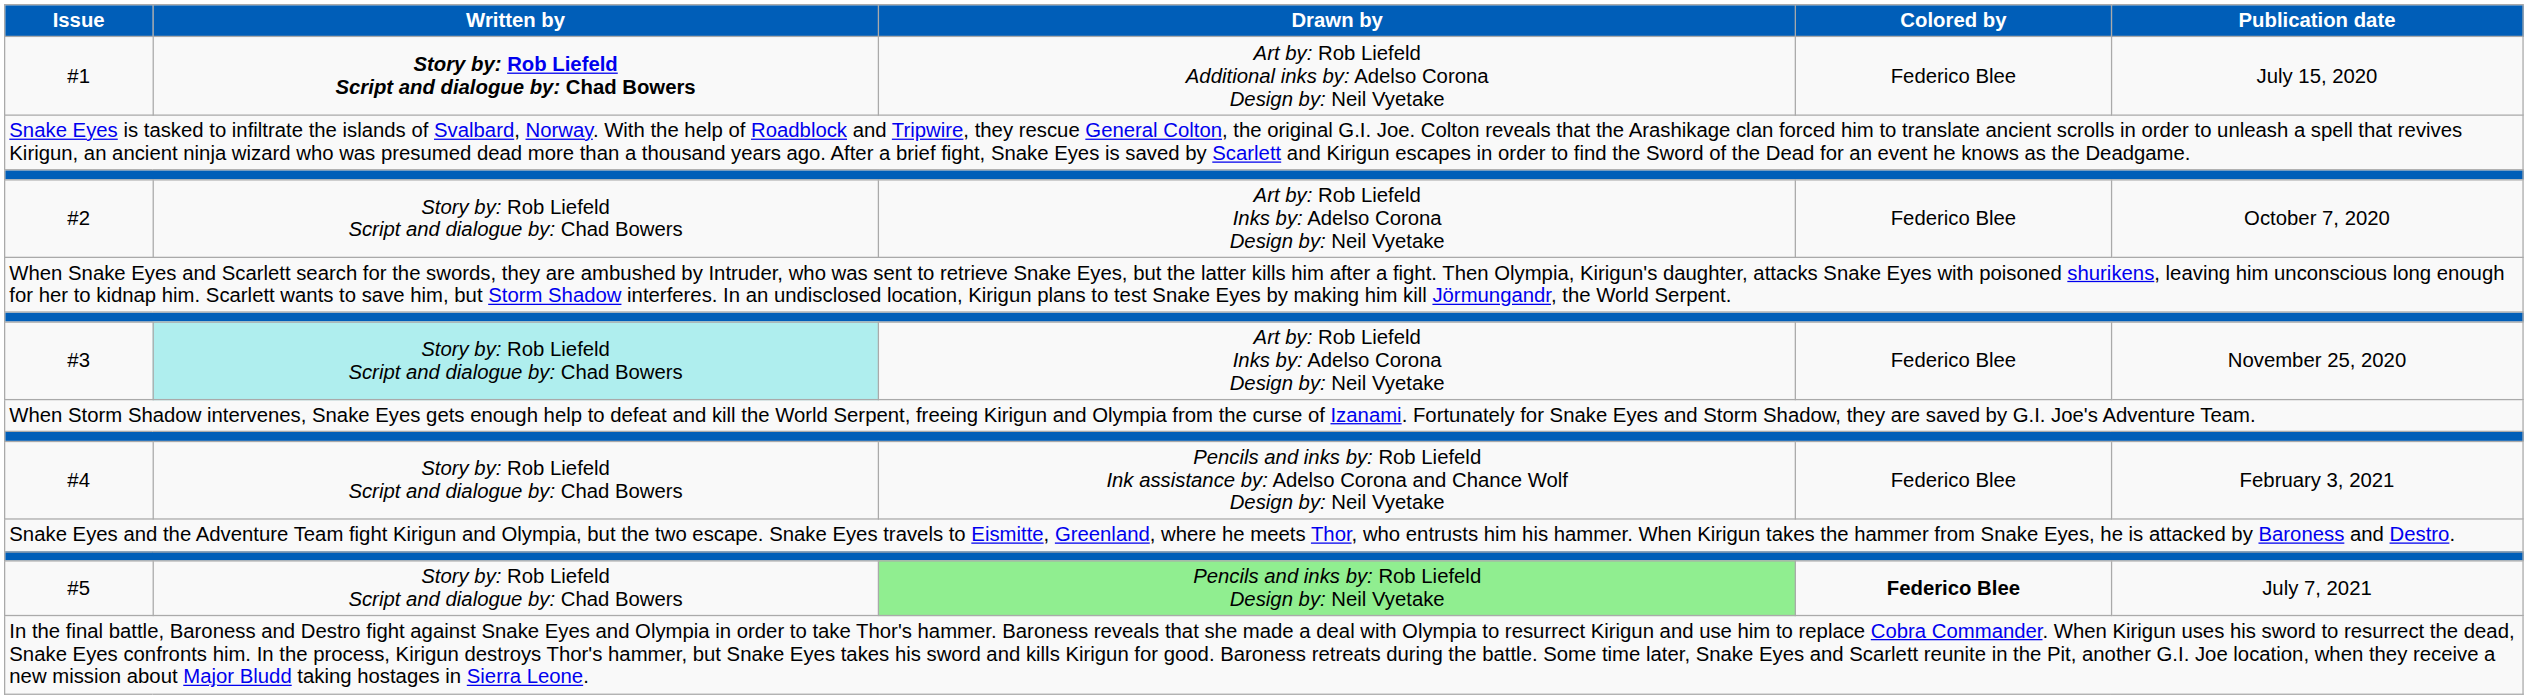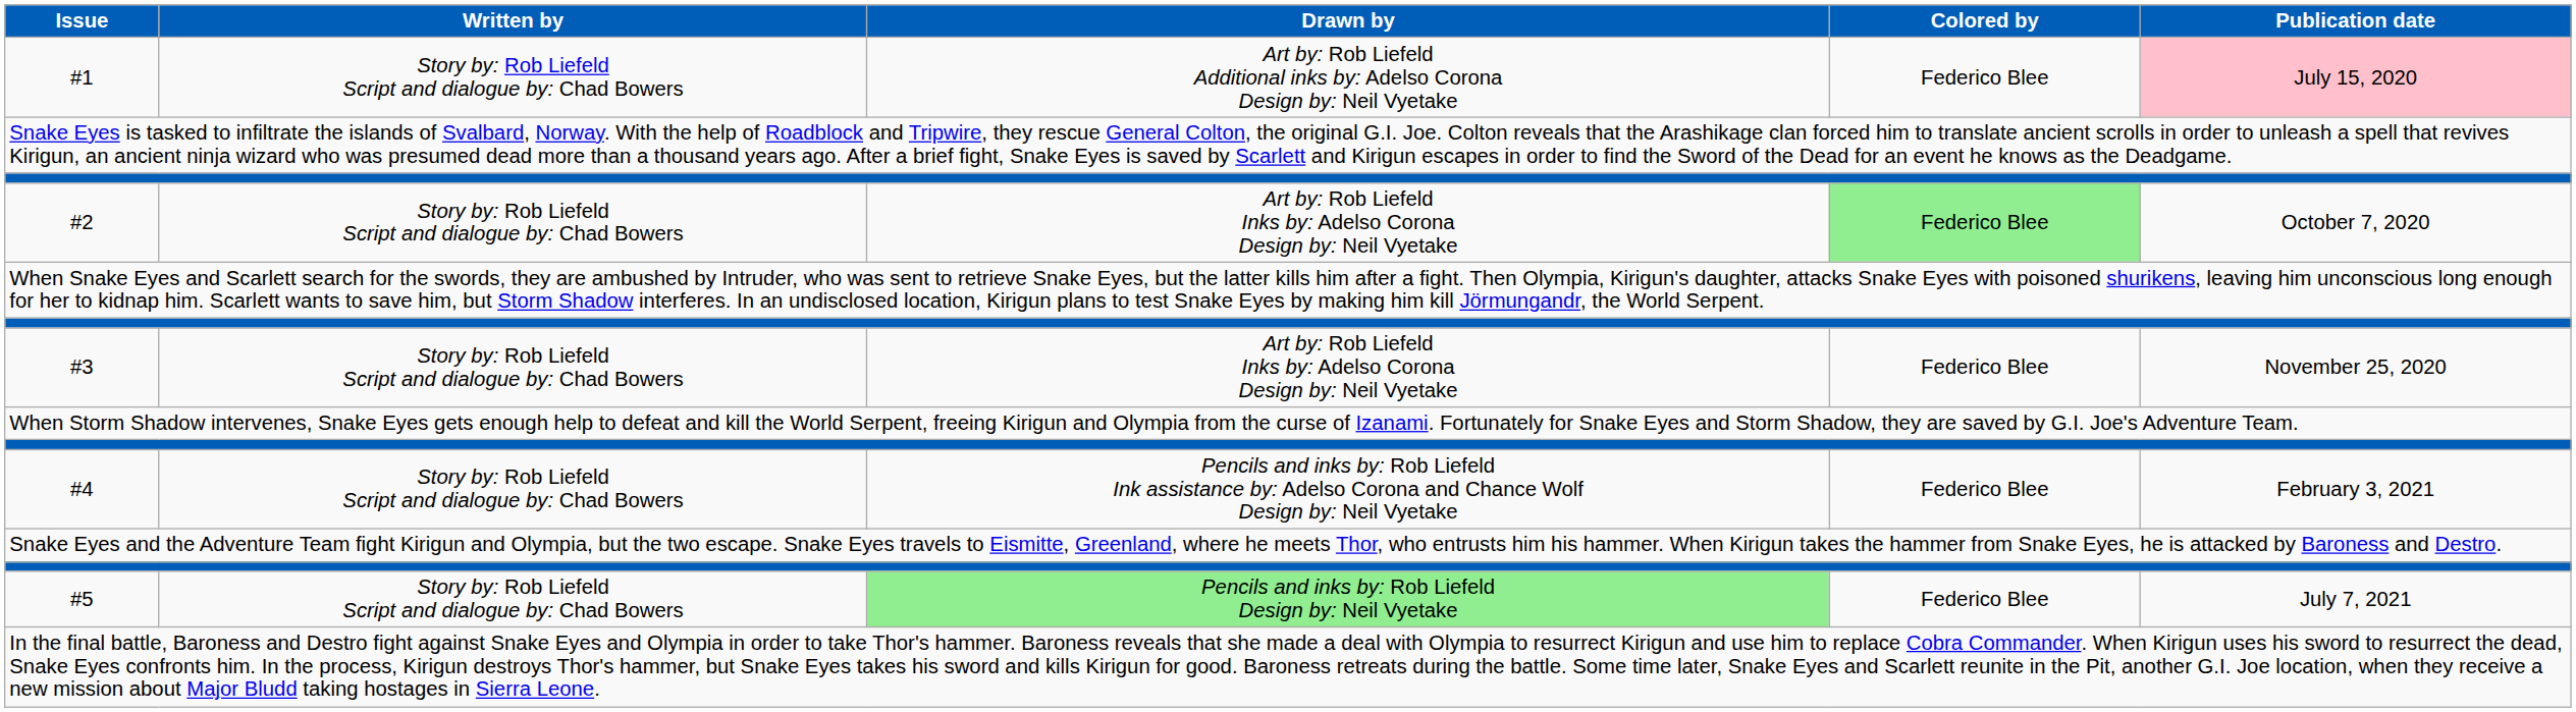 <table class="wikitable" style="text-align: center;" width="100%;">
 <tr>
 <th style="background:#005EB8; color:white">Issue</th>
 <th style="background:#005EB8; color:white">Written by</th>
 <th style="background:#005EB8; color:white">Drawn by</th>
 <th style="background:#005EB8; color:white">Colored by</th>
 <th style="background:#005EB8; color:white">Publication date</th>
 </tr>
 <tr>
 <td>#1</td>
-<td><strong><em>Story by:</em> <a href='#'>Rob Liefeld</a><br><em>Script and dialogue by:</em> Chad Bowers</strong></td>
+<td><em>Story by:</em> <a href='#'>Rob Liefeld</a><br><em>Script and dialogue by:</em> Chad Bowers</td>
 <td><em>Art by:</em> Rob Liefeld<br><em>Additional inks by:</em> Adelso Corona<br><em>Design by:</em> Neil Vyetake</td>
 <td>Federico Blee</td>
-<td>July 15, 2020</td>
+<td style="background: pink;">July 15, 2020</td>
 </tr>
 <tr>
 <td colspan="5" style="text-align: left;"><a href='#'>Snake Eyes</a> is tasked to infiltrate the islands of <a href='#'>Svalbard</a>, <a href='#'>Norway</a>. With the help of <a href='#'>Roadblock</a> and <a href='#'>Tripwire</a>, they rescue <a href='#'>General Colton</a>, the original G.I. Joe. Colton reveals that the Arashikage clan forced him to translate ancient scrolls in order to unleash a spell that revives Kirigun, an ancient ninja wizard who was presumed dead more than a thousand years ago. After a brief fight, Snake Eyes is saved by <a href='#'>Scarlett</a> and Kirigun escapes in order to find the Sword of the Dead for an event he knows as the Deadgame.</td>
 </tr>
 <tr>
 <th colspan="5" style="background:#005EB8"></th>
 </tr>
 <tr>
 <td>#2</td>
 <td><em>Story by:</em> Rob Liefeld<br><em>Script and dialogue by:</em> Chad Bowers</td>
 <td><em>Art by:</em> Rob Liefeld<br><em>Inks by:</em> Adelso Corona<br><em>Design by:</em> Neil Vyetake</td>
-<td>Federico Blee</td>
+<td style="background: lightgreen;">Federico Blee</td>
 <td>October 7, 2020</td>
 </tr>
 <tr>
 <td colspan="5" style="text-align: left;">When Snake Eyes and Scarlett search for the swords, they are ambushed by Intruder, who was sent to retrieve Snake Eyes, but the latter kills him after a fight. Then Olympia, Kirigun's daughter, attacks Snake Eyes with poisoned <a href='#'>shurikens</a>, leaving him unconscious long enough for her to kidnap him. Scarlett wants to save him, but <a href='#'>Storm Shadow</a> interferes. In an undisclosed location, Kirigun plans to test Snake Eyes by making him kill <a href='#'>Jörmungandr</a>, the World Serpent.</td>
 </tr>
 <tr>
 <th colspan="5" style="background:#005EB8"></th>
 </tr>
 <tr>
 <td>#3</td>
-<td style="background: paleturquoise;"><em>Story by:</em> Rob Liefeld<br><em>Script and dialogue by:</em> Chad Bowers</td>
+<td><em>Story by:</em> Rob Liefeld<br><em>Script and dialogue by:</em> Chad Bowers</td>
 <td><em>Art by:</em> Rob Liefeld<br><em>Inks by:</em> Adelso Corona<br><em>Design by:</em> Neil Vyetake</td>
 <td>Federico Blee</td>
 <td>November 25, 2020</td>
 </tr>
 <tr>
 <td colspan="5" style="text-align: left;">When Storm Shadow intervenes, Snake Eyes gets enough help to defeat and kill the World Serpent, freeing Kirigun and Olympia from the curse of <a href='#'>Izanami</a>. Fortunately for Snake Eyes and Storm Shadow, they are saved by G.I. Joe's Adventure Team.</td>
 </tr>
 <tr>
 <th colspan="5" style="background:#005EB8"></th>
 </tr>
 <tr>
 <td>#4</td>
 <td><em>Story by:</em> Rob Liefeld<br><em>Script and dialogue by:</em> Chad Bowers</td>
 <td><em>Pencils and inks by:</em> Rob Liefeld<br><em>Ink assistance by:</em> Adelso Corona and Chance Wolf<br><em>Design by:</em> Neil Vyetake</td>
 <td>Federico Blee</td>
 <td>February 3, 2021</td>
 </tr>
 <tr>
 <td colspan="5" style="text-align: left;">Snake Eyes and the Adventure Team fight Kirigun and Olympia, but the two escape. Snake Eyes travels to <a href='#'>Eismitte</a>, <a href='#'>Greenland</a>, where he meets <a href='#'>Thor</a>, who entrusts him his hammer. When Kirigun takes the hammer from Snake Eyes, he is attacked by <a href='#'>Baroness</a> and <a href='#'>Destro</a>.</td>
 </tr>
 <tr>
 <th colspan="5" style="background:#005EB8"></th>
 </tr>
 <tr>
 <td>#5</td>
 <td><em>Story by:</em> Rob Liefeld<br><em>Script and dialogue by:</em> Chad Bowers</td>
 <td style="background: lightgreen;"><em>Pencils and inks by:</em> Rob Liefeld<br><em>Design by:</em> Neil Vyetake</td>
-<td><strong>Federico Blee</strong></td>
+<td>Federico Blee</td>
 <td>July 7, 2021</td>
 </tr>
 <tr>
 <td colspan="5" style="text-align: left;">In the final battle, Baroness and Destro fight against Snake Eyes and Olympia in order to take Thor's hammer. Baroness reveals that she made a deal with Olympia to resurrect Kirigun and use him to replace <a href='#'>Cobra Commander</a>. When Kirigun uses his sword to resurrect the dead, Snake Eyes confronts him. In the process, Kirigun destroys Thor's hammer, but Snake Eyes takes his sword and kills Kirigun for good. Baroness retreats during the battle. Some time later, Snake Eyes and Scarlett reunite in the Pit, another G.I. Joe location, when they receive a new mission about <a href='#'>Major Bludd</a> taking hostages in <a href='#'>Sierra Leone</a>.</td>
 </tr>
 </table>
